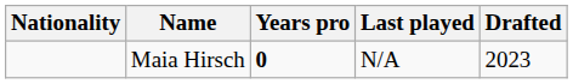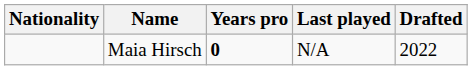 <table class="wikitable">
 <tr>
 <th>Nationality</th>
 <th>Name</th>
 <th>Years pro</th>
 <th>Last played</th>
 <th>Drafted</th>
 </tr>
 <tr>
 <td></td>
 <td>Maia Hirsch</td>
 <td><strong>0</strong></td>
 <td>N/A</td>
-<td>2023</td>
+<td>2022</td>
 </tr>
 </table>
